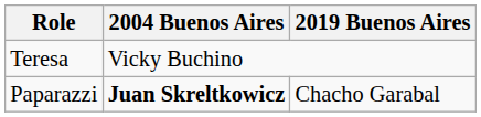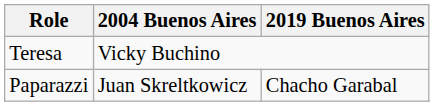 <table class="wikitable">
 <tr>
 <th>Role</th>
 <th>2004 Buenos Aires</th>
 <th>2019 Buenos Aires</th>
 </tr>
 <tr>
 <td>Teresa</td>
 <td colspan="2">Vicky Buchino</td>
 </tr>
 <tr>
 <td>Paparazzi</td>
-<td><strong>Juan Skreltkowicz</strong></td>
+<td>Juan Skreltkowicz</td>
 <td>Chacho Garabal</td>
 </tr>
 </table>
